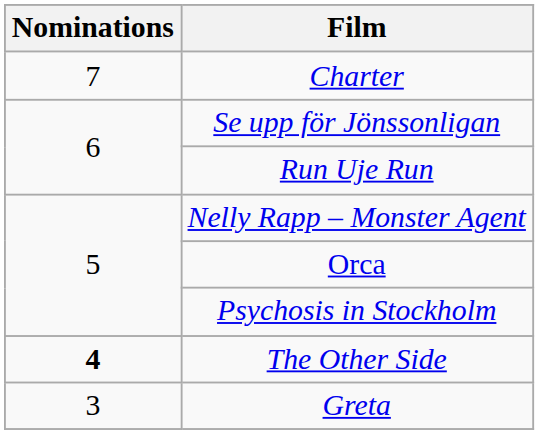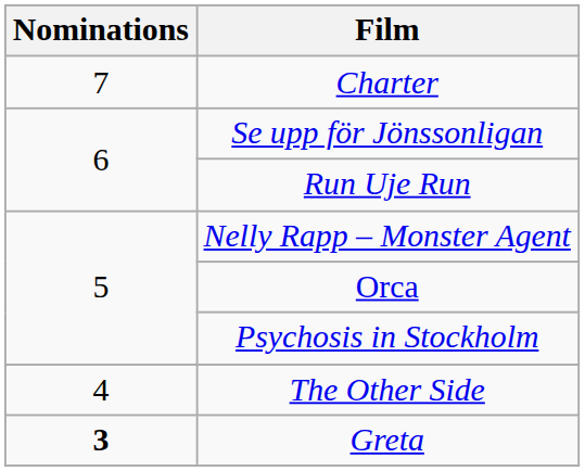 <table class="wikitable" rowspan="2" style="text-align:center;">
 <tr>
 <th scope="col">Nominations</th>
 <th scope="col">Film</th>
 </tr>
 <tr>
 <td>7</td>
 <td><em><a href='#'>Charter</a></em></td>
 </tr>
 <tr>
 <td rowspan="2">6</td>
 <td><em><a href='#'>Se upp för Jönssonligan</a></em></td>
 </tr>
 <tr>
 <td><em><a href='#'>Run Uje Run</a></em></td>
 </tr>
 <tr>
 <td rowspan="3">5</td>
 <td><em><a href='#'>Nelly Rapp – Monster Agent</a></em></td>
 </tr>
 <tr>
 <td><a href='#'>Orca</a></td>
 </tr>
 <tr>
 <td><em><a href='#'>Psychosis in Stockholm</a></em></td>
 </tr>
 <tr>
-<td><strong>4</strong></td>
+<td>4</td>
 <td><em><a href='#'>The Other Side</a></em></td>
 </tr>
 <tr>
-<td>3</td>
+<td><strong>3</strong></td>
 <td><em><a href='#'>Greta</a></em></td>
 </tr>
 </table>
